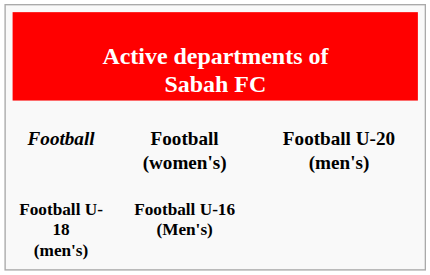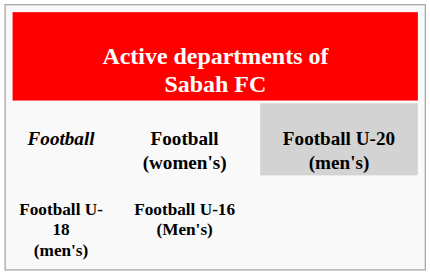 <table class="infobox" style="font-size: 88%; width: 22em; text-align: center">
 <tr>
 <th colspan=3 style="font-size: 125%; background-color:#ff0000; color:white; text-align:center;"><br>Active departments of<br>Sabah FC</th>
 </tr>
 <tr style="text-align: center">
 <td><br><strong><em>Football</em></strong></td>
 <td><br><strong>Football (women's)</strong></td>
-<td><br><strong>Football U-20 (men's)</strong></td>
+<td style="background: lightgrey;"><br><strong>Football U-20 (men's)</strong></td>
 </tr>
 <tr style="font-size: 90%; text-align: center">
 <td><br><strong>Football U-18<br>(men's)</strong></td>
 <td><br><strong>Football U-16<br>(Men's)</strong></td>
 </tr>
 </table>
